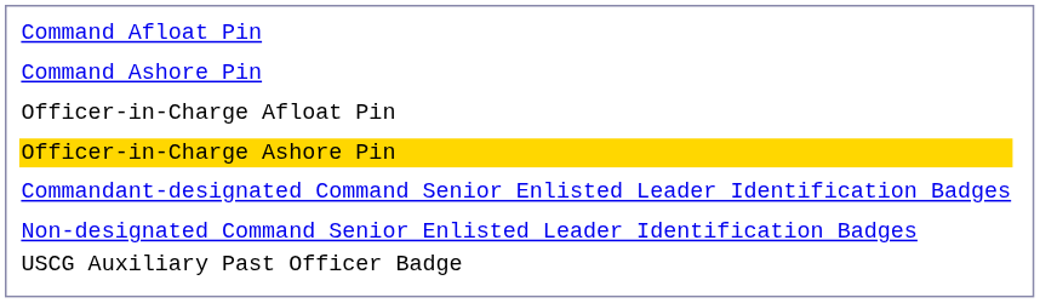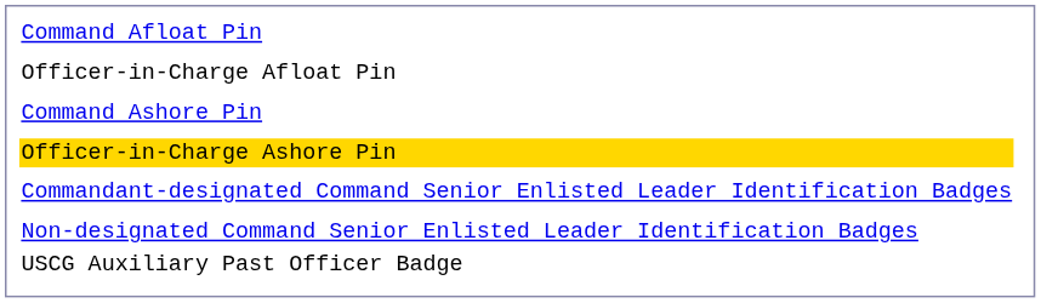 <table style="border:1px solid #8888aa; padding:5px; font-size:95%; float: down; margin: 0px 12px 12px 0px;">
 <tr>
 <td align="left"><a href='#'>Command Afloat Pin</a></td>
 <td align="center"></td>
 </tr>
 <tr>
 <td></td>
 <td></td>
 </tr>
 <tr>
-<td align="left"><a href='#'>Command Ashore Pin</a></td>
+<td align="left">Officer-in-Charge Afloat Pin</td>
 <td align="center"></td>
 </tr>
 <tr>
 <td></td>
 </tr>
 <tr>
-<td align="left">Officer-in-Charge Afloat Pin</td>
+<td align="left"><a href='#'>Command Ashore Pin</a></td>
 <td align="center"></td>
 </tr>
 <tr>
 <td></td>
 </tr>
 <tr>
 <td align="left" style="background: gold;">Officer-in-Charge Ashore Pin</td>
 <td align="center"></td>
 </tr>
 <tr>
 <td></td>
 </tr>
 <tr>
 <td align="left"><a href='#'>Commandant-designated Command Senior Enlisted Leader Identification Badges</a></td>
 <td align="center"></td>
 </tr>
 <tr>
 <td></td>
 </tr>
 <tr>
 <td align="left"><a href='#'>Non-designated Command Senior Enlisted Leader Identification Badges</a></td>
 <td align="center"></td>
 </tr>
 <tr>
 <td>USCG Auxiliary Past Officer Badge</td>
 <td></td>
 </tr>
 <tr>
 </tr>
 </table>
